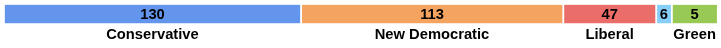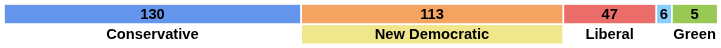 <table style="width:88%; text-align:center; font-weight: bold;">
 <tr style="color:black;">
 <td style="background:#6495ED; width:42%;">130</td>
 <td style="background:#F4A460; width:37%;">113</td>
 <td style="background:#EA6D6A; width:13%;">47</td>
 <td style="background:#87CEFA; width:01.9%;">6</td>
 <td style="background:#99C955; width:01.6%;">5</td>
 </tr>
 <tr>
 <td>Conservative</td>
-<td>New Democratic</td>
+<td style="background: khaki;">New Democratic</td>
 <td>Liberal</td>
 <td></td>
 <td>Green</td>
 </tr>
 </table>
